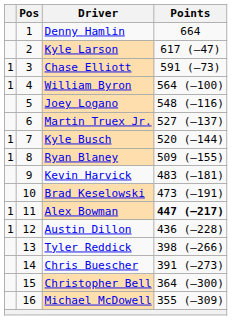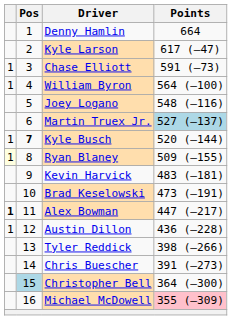 <table class="wikitable" style="font-size: 95%;">
 <tr>
 <th></th>
 <th>Pos</th>
 <th>Driver</th>
 <th>Points</th>
 </tr>
 <tr>
 <td align="left"></td>
 <td style="text-align:center;">1</td>
 <td><a href='#'>Denny Hamlin</a></td>
 <td style="text-align:center;">664</td>
 </tr>
 <tr>
 <td align="left"></td>
 <td style="text-align:center;">2</td>
 <td style="background:#FFDEAD;"><a href='#'>Kyle Larson</a></td>
 <td style="text-align:center;">617 (–47)</td>
 </tr>
 <tr>
 <td align="left"> 1</td>
 <td style="text-align:center;">3</td>
 <td style="background:#FFDEAD;"><a href='#'>Chase Elliott</a></td>
 <td style="text-align:center;">591 (–73)</td>
 </tr>
 <tr>
 <td align="left"> 1</td>
 <td style="text-align:center;">4</td>
 <td style="background:#FFDEAD;"><a href='#'>William Byron</a></td>
 <td style="text-align:center;">564 (–100)</td>
 </tr>
 <tr>
 <td align="left"></td>
 <td style="text-align:center;">5</td>
 <td style="background:#FFDEAD;"><a href='#'>Joey Logano</a></td>
 <td style="text-align:center;">548 (–116)</td>
 </tr>
 <tr>
 <td align="left"></td>
 <td style="text-align:center;">6</td>
 <td style="background:#FFDEAD;"><a href='#'>Martin Truex Jr.</a></td>
-<td style="text-align:center;">527 (–137)</td>
+<td style="background: lightblue; text-align:center;">527 (–137)</td>
 </tr>
 <tr>
 <td align="left"> 1</td>
-<td style="text-align:center;">7</td>
+<td style="text-align:center;"><strong>7</strong></td>
 <td style="background:#FFDEAD;"><a href='#'>Kyle Busch</a></td>
 <td style="text-align:center;">520 (–144)</td>
 </tr>
 <tr>
-<td align="left"> 1</td>
+<td align="left" style="background: lightyellow;"> 1</td>
 <td style="text-align:center;">8</td>
 <td style="background:#FFDEAD;"><a href='#'>Ryan Blaney</a></td>
 <td style="text-align:center;">509 (–155)</td>
 </tr>
 <tr>
 <td align="left"></td>
 <td style="text-align:center;">9</td>
 <td><a href='#'>Kevin Harvick</a></td>
 <td style="text-align:center;">483 (–181)</td>
 </tr>
 <tr>
 <td align="left"></td>
 <td style="text-align:center;">10</td>
 <td style="background:#FFDEAD;"><a href='#'>Brad Keselowski</a></td>
 <td style="text-align:center;">473 (–191)</td>
 </tr>
 <tr>
-<td align="left"> 1</td>
+<td align="left"><strong> 1</strong></td>
 <td style="text-align:center;">11</td>
 <td style="background:#FFDEAD;"><a href='#'>Alex Bowman</a></td>
-<td style="text-align:center;"><strong>447 (–217)</strong></td>
+<td style="text-align:center;">447 (–217)</td>
 </tr>
 <tr>
 <td align="left"> 1</td>
 <td style="text-align:center;">12</td>
 <td><a href='#'>Austin Dillon</a></td>
 <td style="text-align:center;">436 (–228)</td>
 </tr>
 <tr>
 <td align="left"></td>
 <td style="text-align:center;">13</td>
 <td><a href='#'>Tyler Reddick</a></td>
 <td style="text-align:center;">398 (–266)</td>
 </tr>
 <tr>
 <td align="left"></td>
 <td style="text-align:center;">14</td>
 <td><a href='#'>Chris Buescher</a></td>
 <td style="text-align:center;">391 (–273)</td>
 </tr>
 <tr>
 <td align="left"></td>
-<td style="text-align:center;">15</td>
+<td style="background: lightblue; text-align:center;">15</td>
 <td style="background:#FFDEAD;"><a href='#'>Christopher Bell</a></td>
 <td style="text-align:center;">364 (–300)</td>
 </tr>
 <tr>
 <td align="left"></td>
 <td style="text-align:center;">16</td>
 <td style="background:#FFDEAD;"><a href='#'>Michael McDowell</a></td>
-<td style="text-align:center;">355 (–309)</td>
+<td style="background: pink; text-align:center;">355 (–309)</td>
 </tr>
 <tr class="sortbottom">
 <th colspan="9"></th>
 </tr>
 </table>
